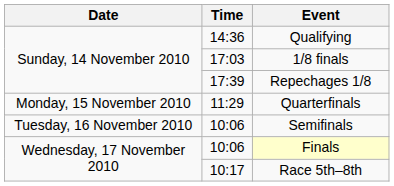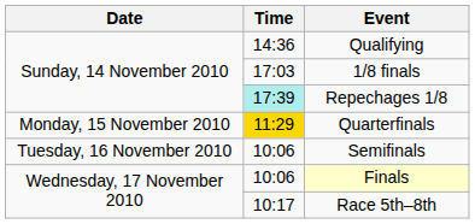 <table class = "wikitable" style="text-align:center;">
 <tr>
 <th width=220>Date</th>
 <th width=50>Time</th>
 <th width=150>Event</th>
 </tr>
 <tr>
 <td rowspan=3>Sunday, 14 November 2010</td>
 <td>14:36</td>
 <td>Qualifying</td>
 </tr>
 <tr>
 <td>17:03</td>
 <td>1/8 finals</td>
 </tr>
 <tr>
-<td>17:39</td>
+<td style="background: paleturquoise;">17:39</td>
 <td>Repechages 1/8</td>
 </tr>
 <tr>
 <td>Monday, 15 November 2010</td>
-<td>11:29</td>
+<td style="background: gold;">11:29</td>
 <td>Quarterfinals</td>
 </tr>
 <tr>
 <td>Tuesday, 16 November 2010</td>
 <td>10:06</td>
 <td>Semifinals</td>
 </tr>
 <tr>
 <td rowspan=2>Wednesday, 17 November 2010</td>
 <td>10:06</td>
 <td bgcolor=ffffcc>Finals</td>
 </tr>
 <tr>
 <td>10:17</td>
 <td>Race 5th–8th</td>
 </tr>
 </table>
